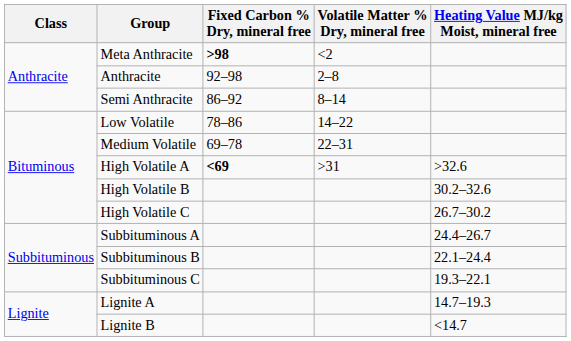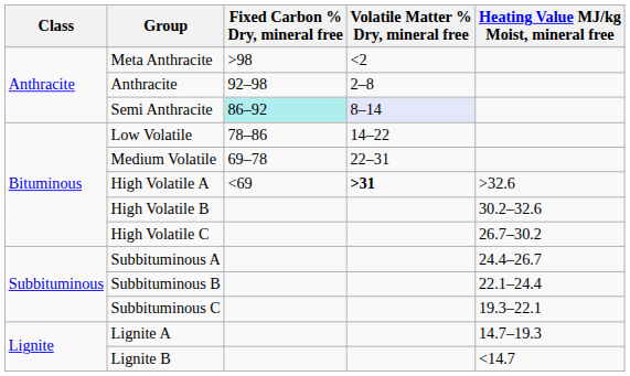 <table class=wikitable>
 <tr>
 <th>Class</th>
 <th>Group</th>
 <th>Fixed Carbon % <br> Dry, mineral free</th>
 <th>Volatile Matter %<br> Dry, mineral free</th>
 <th><a href='#'>Heating Value</a> MJ/kg <br> Moist, mineral free</th>
 </tr>
 <tr>
 <td rowspan=3><a href='#'>Anthracite</a></td>
 <td>Meta Anthracite</td>
-<td><strong>>98</strong></td>
+<td>>98</td>
 <td><2</td>
 <td> </td>
 </tr>
 <tr>
 <td>Anthracite</td>
 <td>92–98</td>
 <td>2–8</td>
 <td> </td>
 </tr>
 <tr>
 <td>Semi Anthracite</td>
-<td>86–92</td>
-<td>8–14</td>
+<td style="background: paleturquoise;">86–92</td>
+<td style="background: lavender;">8–14</td>
 <td> </td>
 </tr>
 <tr>
 <td rowspan=5><a href='#'>Bituminous</a></td>
 <td>Low Volatile</td>
 <td>78–86</td>
 <td>14–22</td>
 <td> </td>
 </tr>
 <tr>
 <td>Medium Volatile</td>
 <td>69–78</td>
 <td>22–31</td>
 <td> </td>
 </tr>
 <tr>
 <td>High Volatile A</td>
-<td><strong><69</strong></td>
-<td>>31</td>
+<td><69</td>
+<td><strong>>31</strong></td>
 <td>>32.6</td>
 </tr>
 <tr>
 <td>High Volatile B</td>
 <td> </td>
 <td> </td>
 <td>30.2–32.6</td>
 </tr>
 <tr>
 <td>High Volatile C</td>
 <td> </td>
 <td> </td>
 <td>26.7–30.2</td>
 </tr>
 <tr>
 <td rowspan=3><a href='#'>Subbituminous</a></td>
 <td>Subbituminous A</td>
 <td> </td>
 <td> </td>
 <td>24.4–26.7</td>
 </tr>
 <tr>
 <td>Subbituminous B</td>
 <td> </td>
 <td> </td>
 <td>22.1–24.4</td>
 </tr>
 <tr>
 <td>Subbituminous C</td>
 <td> </td>
 <td> </td>
 <td>19.3–22.1</td>
 </tr>
 <tr>
 <td rowspan=2><a href='#'>Lignite</a></td>
 <td>Lignite A</td>
 <td> </td>
 <td> </td>
 <td>14.7–19.3</td>
 </tr>
 <tr>
 <td>Lignite B</td>
 <td> </td>
 <td> </td>
 <td><14.7</td>
 </tr>
 </table>
